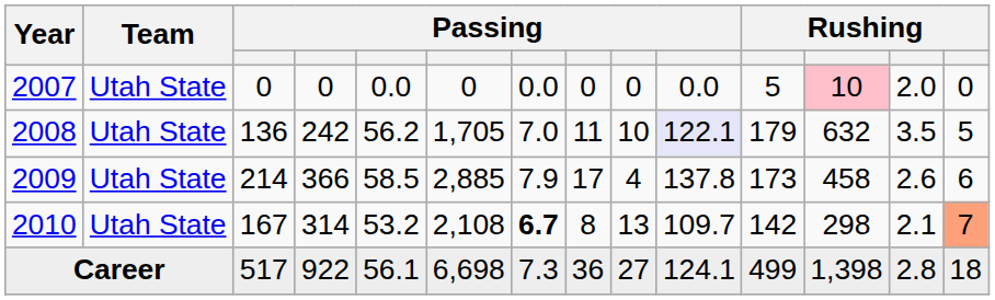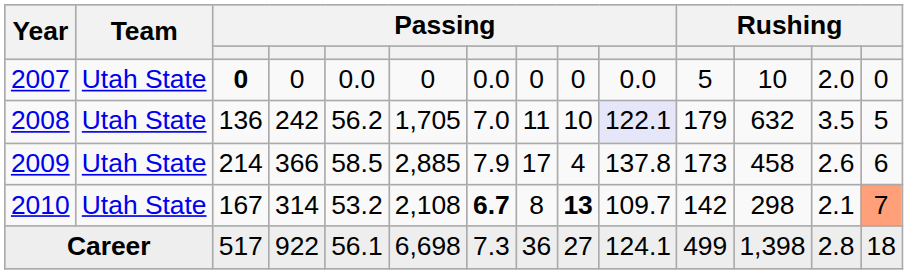 <table class="wikitable sortable" style="text-align:center;">
 <tr>
 <th rowspan=2>Year</th>
 <th rowspan=2>Team</th>
 <th colspan=8>Passing</th>
 <th colspan=4>Rushing</th>
 </tr>
 <tr>
 <th></th>
 <th></th>
 <th></th>
 <th></th>
 <th></th>
 <th></th>
 <th></th>
 <th></th>
 <th></th>
 <th></th>
 <th></th>
 <th></th>
 </tr>
 <tr>
 <td><a href='#'>2007</a></td>
 <td><a href='#'>Utah State</a></td>
-<td>0</td>
+<td><strong>0</strong></td>
 <td>0</td>
 <td>0.0</td>
 <td>0</td>
 <td>0.0</td>
 <td>0</td>
 <td>0</td>
 <td>0.0</td>
 <td>5</td>
-<td style="background: pink;">10</td>
+<td>10</td>
 <td>2.0</td>
 <td>0</td>
 </tr>
 <tr>
 <td><a href='#'>2008</a></td>
 <td><a href='#'>Utah State</a></td>
 <td>136</td>
 <td>242</td>
 <td>56.2</td>
 <td>1,705</td>
 <td>7.0</td>
 <td>11</td>
 <td>10</td>
 <td style="background: lavender;">122.1</td>
 <td>179</td>
 <td>632</td>
 <td>3.5</td>
 <td>5</td>
 </tr>
 <tr>
 <td><a href='#'>2009</a></td>
 <td><a href='#'>Utah State</a></td>
 <td>214</td>
 <td>366</td>
 <td>58.5</td>
 <td>2,885</td>
 <td>7.9</td>
 <td>17</td>
 <td>4</td>
 <td>137.8</td>
 <td>173</td>
 <td>458</td>
 <td>2.6</td>
 <td>6</td>
 </tr>
 <tr>
 <td><a href='#'>2010</a></td>
 <td><a href='#'>Utah State</a></td>
 <td>167</td>
 <td>314</td>
 <td>53.2</td>
 <td>2,108</td>
 <td><strong>6.7</strong></td>
 <td>8</td>
-<td>13</td>
+<td><strong>13</strong></td>
 <td>109.7</td>
 <td>142</td>
 <td>298</td>
 <td>2.1</td>
 <td style="background: lightsalmon;">7</td>
 </tr>
 <tr class="sortbottom" style="background:#eee;">
 <td colspan=2><strong>Career</strong></td>
 <td>517</td>
 <td>922</td>
 <td>56.1</td>
 <td>6,698</td>
 <td>7.3</td>
 <td>36</td>
 <td>27</td>
 <td>124.1</td>
 <td>499</td>
 <td>1,398</td>
 <td>2.8</td>
 <td>18</td>
 </tr>
 </table>
